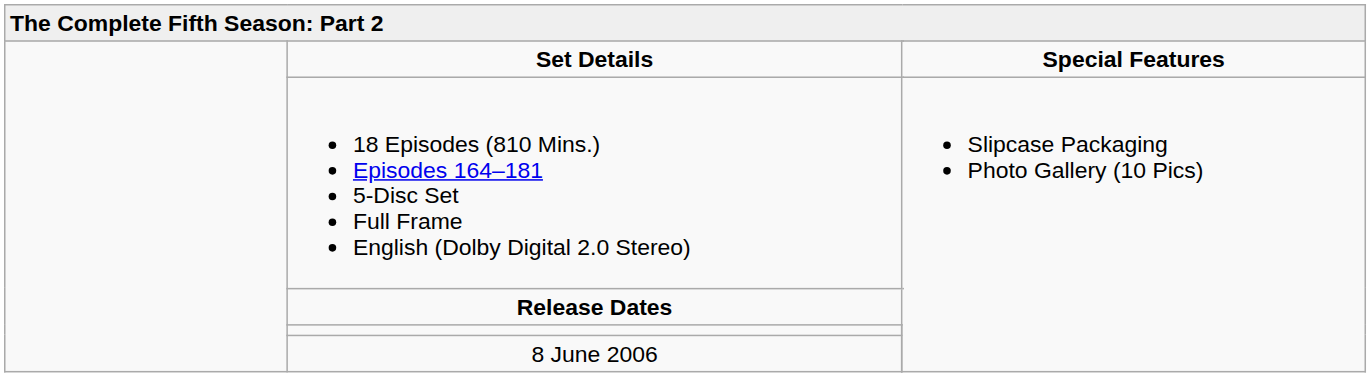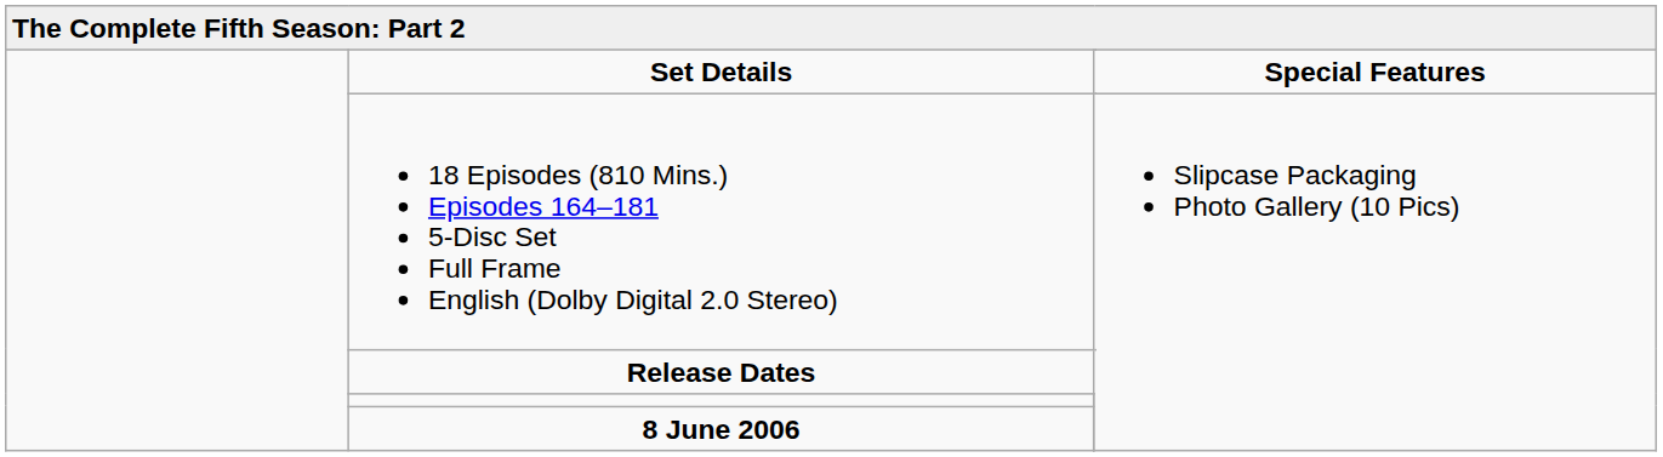 <table class="wikitable" style="font-size: 95%;">
 <tr style="background:#EFEFEF">
 <td colspan="5"><strong>The Complete Fifth Season: Part 2</strong></td>
 </tr>
 <tr>
 <td rowspan="6" align="center" width="180"></td>
 <td align="center" width="350" colspan="3"><strong>Set Details</strong></td>
 <td width="250" align="center"><strong>Special Features</strong></td>
 </tr>
 <tr valign="top">
 <td colspan="3" align="left" width="400"><br><ul><li>18 Episodes (810 Mins.)</li><li><a href='#'>Episodes 164–181</a></li><li>5-Disc Set</li><li>Full Frame</li><li>English (Dolby Digital 2.0 Stereo)</li></ul></td>
 <td rowspan="4" align="left" width="300"><br><ul><li>Slipcase Packaging</li><li>Photo Gallery (10 Pics)</li></ul></td>
 </tr>
 <tr>
 <td colspan="3" align="center"><strong>Release Dates</strong></td>
 </tr>
 <tr>
 <td align="center"></td>
 </tr>
 <tr>
-<td align="center">8 June 2006</td>
+<td align="center"><strong>8 June 2006</strong></td>
 </tr>
 </table>
